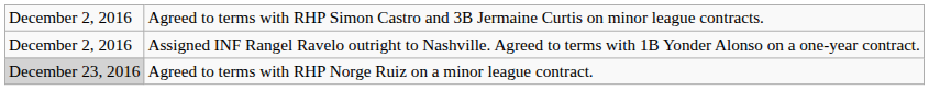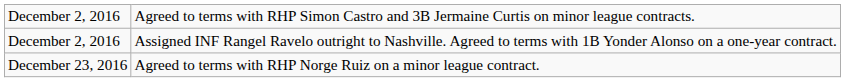 <table class="wikitable">
 <tr>
 <td>December 2, 2016</td>
 <td>Agreed to terms with RHP Simon Castro and 3B Jermaine Curtis on minor league contracts.</td>
 </tr>
 <tr>
 <td>December 2, 2016</td>
 <td>Assigned INF Rangel Ravelo outright to Nashville. Agreed to terms with 1B Yonder Alonso on a one-year contract.</td>
 </tr>
 <tr>
-<td style="background: lightgrey;">December 23, 2016</td>
+<td>December 23, 2016</td>
 <td>Agreed to terms with RHP Norge Ruiz on a minor league contract.</td>
 </tr>
 </table>
